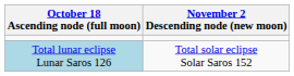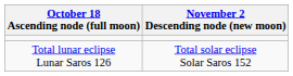 <table class="wikitable">
 <tr>
 <th><a href='#'>October 18</a><br>Ascending node (full moon)<br></th>
 <th><a href='#'>November 2</a><br>Descending node (new moon)<br></th>
 </tr>
 <tr>
 <td></td>
 <td></td>
 </tr>
 <tr align=center>
-<td style="background: lightblue;"><a href='#'>Total lunar eclipse</a><br>Lunar Saros 126</td>
+<td><a href='#'>Total lunar eclipse</a><br>Lunar Saros 126</td>
 <td><a href='#'>Total solar eclipse</a><br>Solar Saros 152</td>
 </tr>
 </table>
